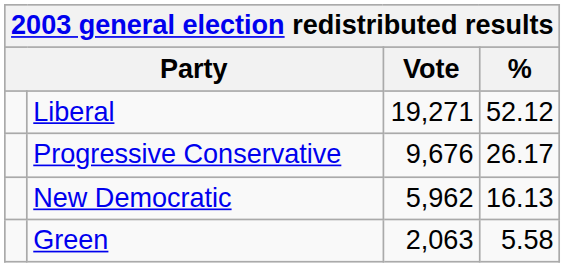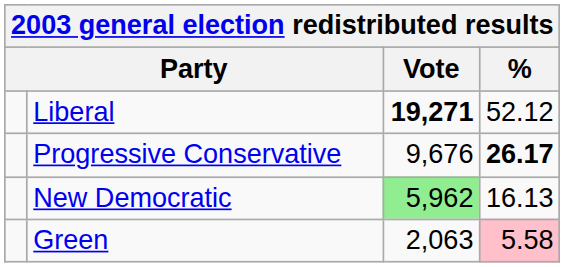 <table class="wikitable">
 <tr>
 <th colspan="4"><a href='#'>2003 general election</a> redistributed results</th>
 </tr>
 <tr>
 <th bgcolor="#DDDDFF" width="130px" colspan="2">Party</th>
 <th bgcolor="#DDDDFF" width="50px">Vote</th>
 <th bgcolor="#DDDDFF" width="30px">%</th>
 </tr>
 <tr>
 <td> </td>
 <td><a href='#'>Liberal</a></td>
-<td align=right>19,271</td>
+<td align=right><strong>19,271</strong></td>
 <td align=right>52.12</td>
 </tr>
 <tr>
 <td> </td>
 <td><a href='#'>Progressive Conservative</a></td>
 <td align=right>9,676</td>
-<td align=right>26.17</td>
+<td align=right><strong>26.17</strong></td>
 </tr>
 <tr>
 <td> </td>
 <td><a href='#'>New Democratic</a></td>
-<td align=right>5,962</td>
+<td align=right style="background: lightgreen;">5,962</td>
 <td align=right>16.13</td>
 </tr>
 <tr>
 <td> </td>
 <td><a href='#'>Green</a></td>
 <td align=right>2,063</td>
-<td align=right>5.58</td>
+<td align=right style="background: pink;">5.58</td>
 </tr>
 </table>
